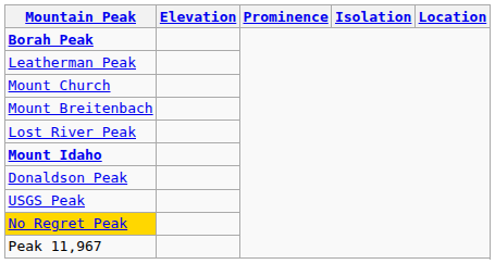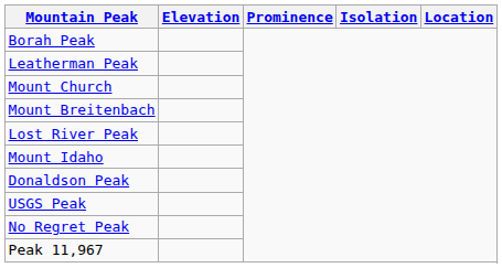 <table class="wikitable sortable">
 <tr>
 <th><a href='#'>Mountain Peak</a></th>
 <th><a href='#'>Elevation</a></th>
 <th><a href='#'>Prominence</a></th>
 <th><a href='#'>Isolation</a></th>
 <th><a href='#'>Location</a></th>
 </tr>
 <tr>
-<td><strong><a href='#'>Borah Peak</a><br></strong></td>
+<td><a href='#'>Borah Peak</a><br></td>
 <td></td>
 </tr>
 <tr>
 <td><a href='#'>Leatherman Peak</a><br></td>
 <td></td>
 </tr>
 <tr>
 <td><a href='#'>Mount Church</a><br></td>
 <td></td>
 </tr>
 <tr>
 <td><a href='#'>Mount Breitenbach</a><br></td>
 <td></td>
 </tr>
 <tr>
 <td><a href='#'>Lost River Peak</a><br></td>
 <td></td>
 </tr>
 <tr>
-<td><strong><a href='#'>Mount Idaho</a><br></strong></td>
+<td><a href='#'>Mount Idaho</a><br></td>
 <td></td>
 </tr>
 <tr>
 <td><a href='#'>Donaldson Peak</a><br></td>
 <td></td>
 </tr>
 <tr>
 <td><a href='#'>USGS Peak</a><br></td>
 <td></td>
 </tr>
 <tr>
-<td style="background: gold;"><a href='#'>No Regret Peak</a><br></td>
+<td><a href='#'>No Regret Peak</a><br></td>
 <td></td>
 </tr>
 <tr>
 <td>Peak 11,967<br></td>
 <td></td>
 </tr>
 <tr>
 </tr>
 </table>
